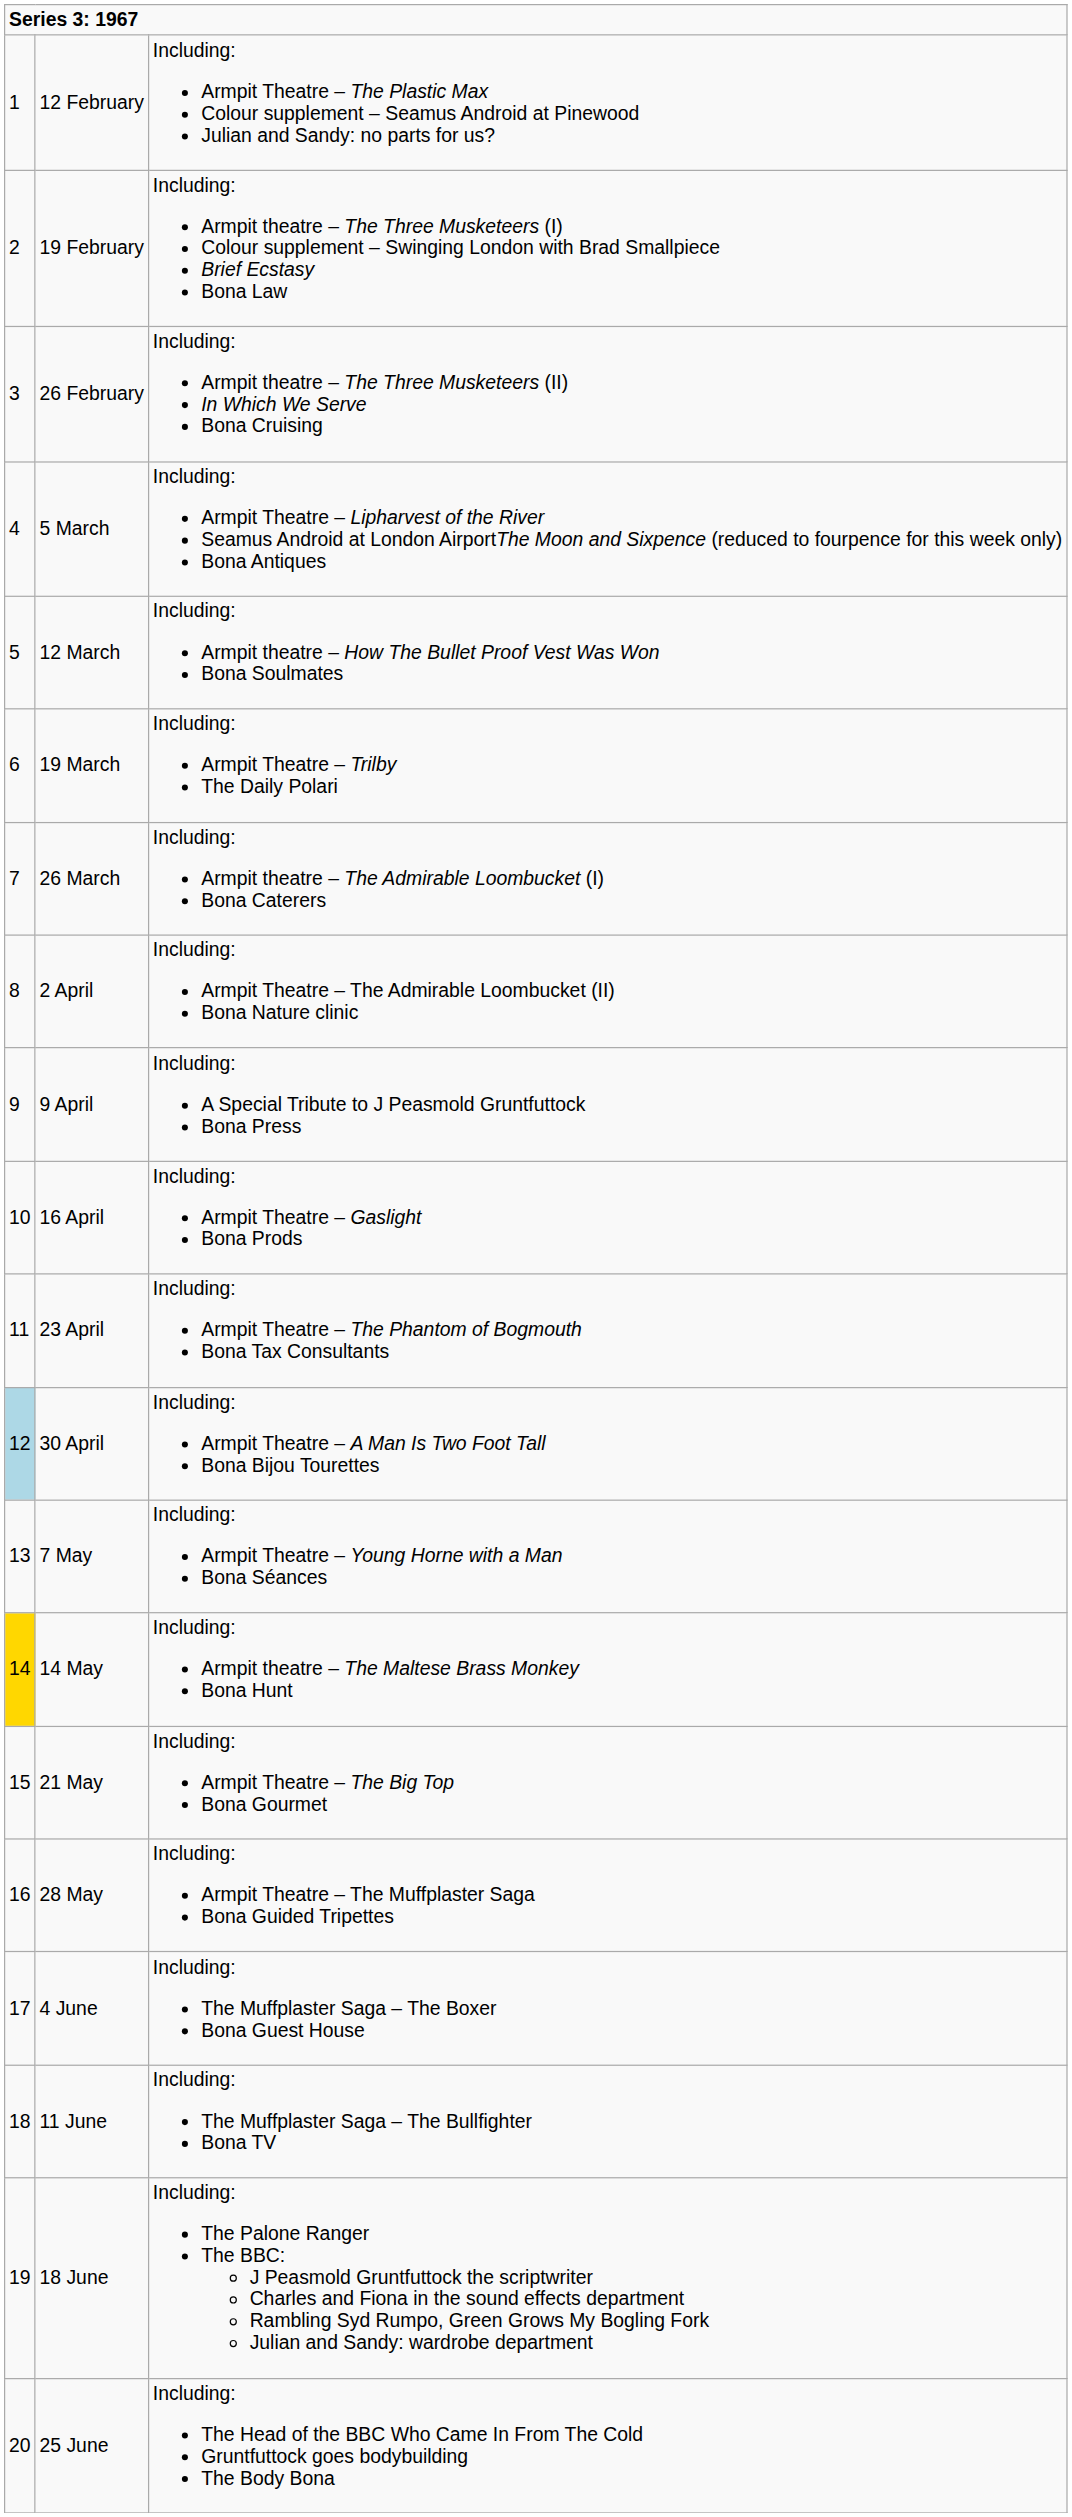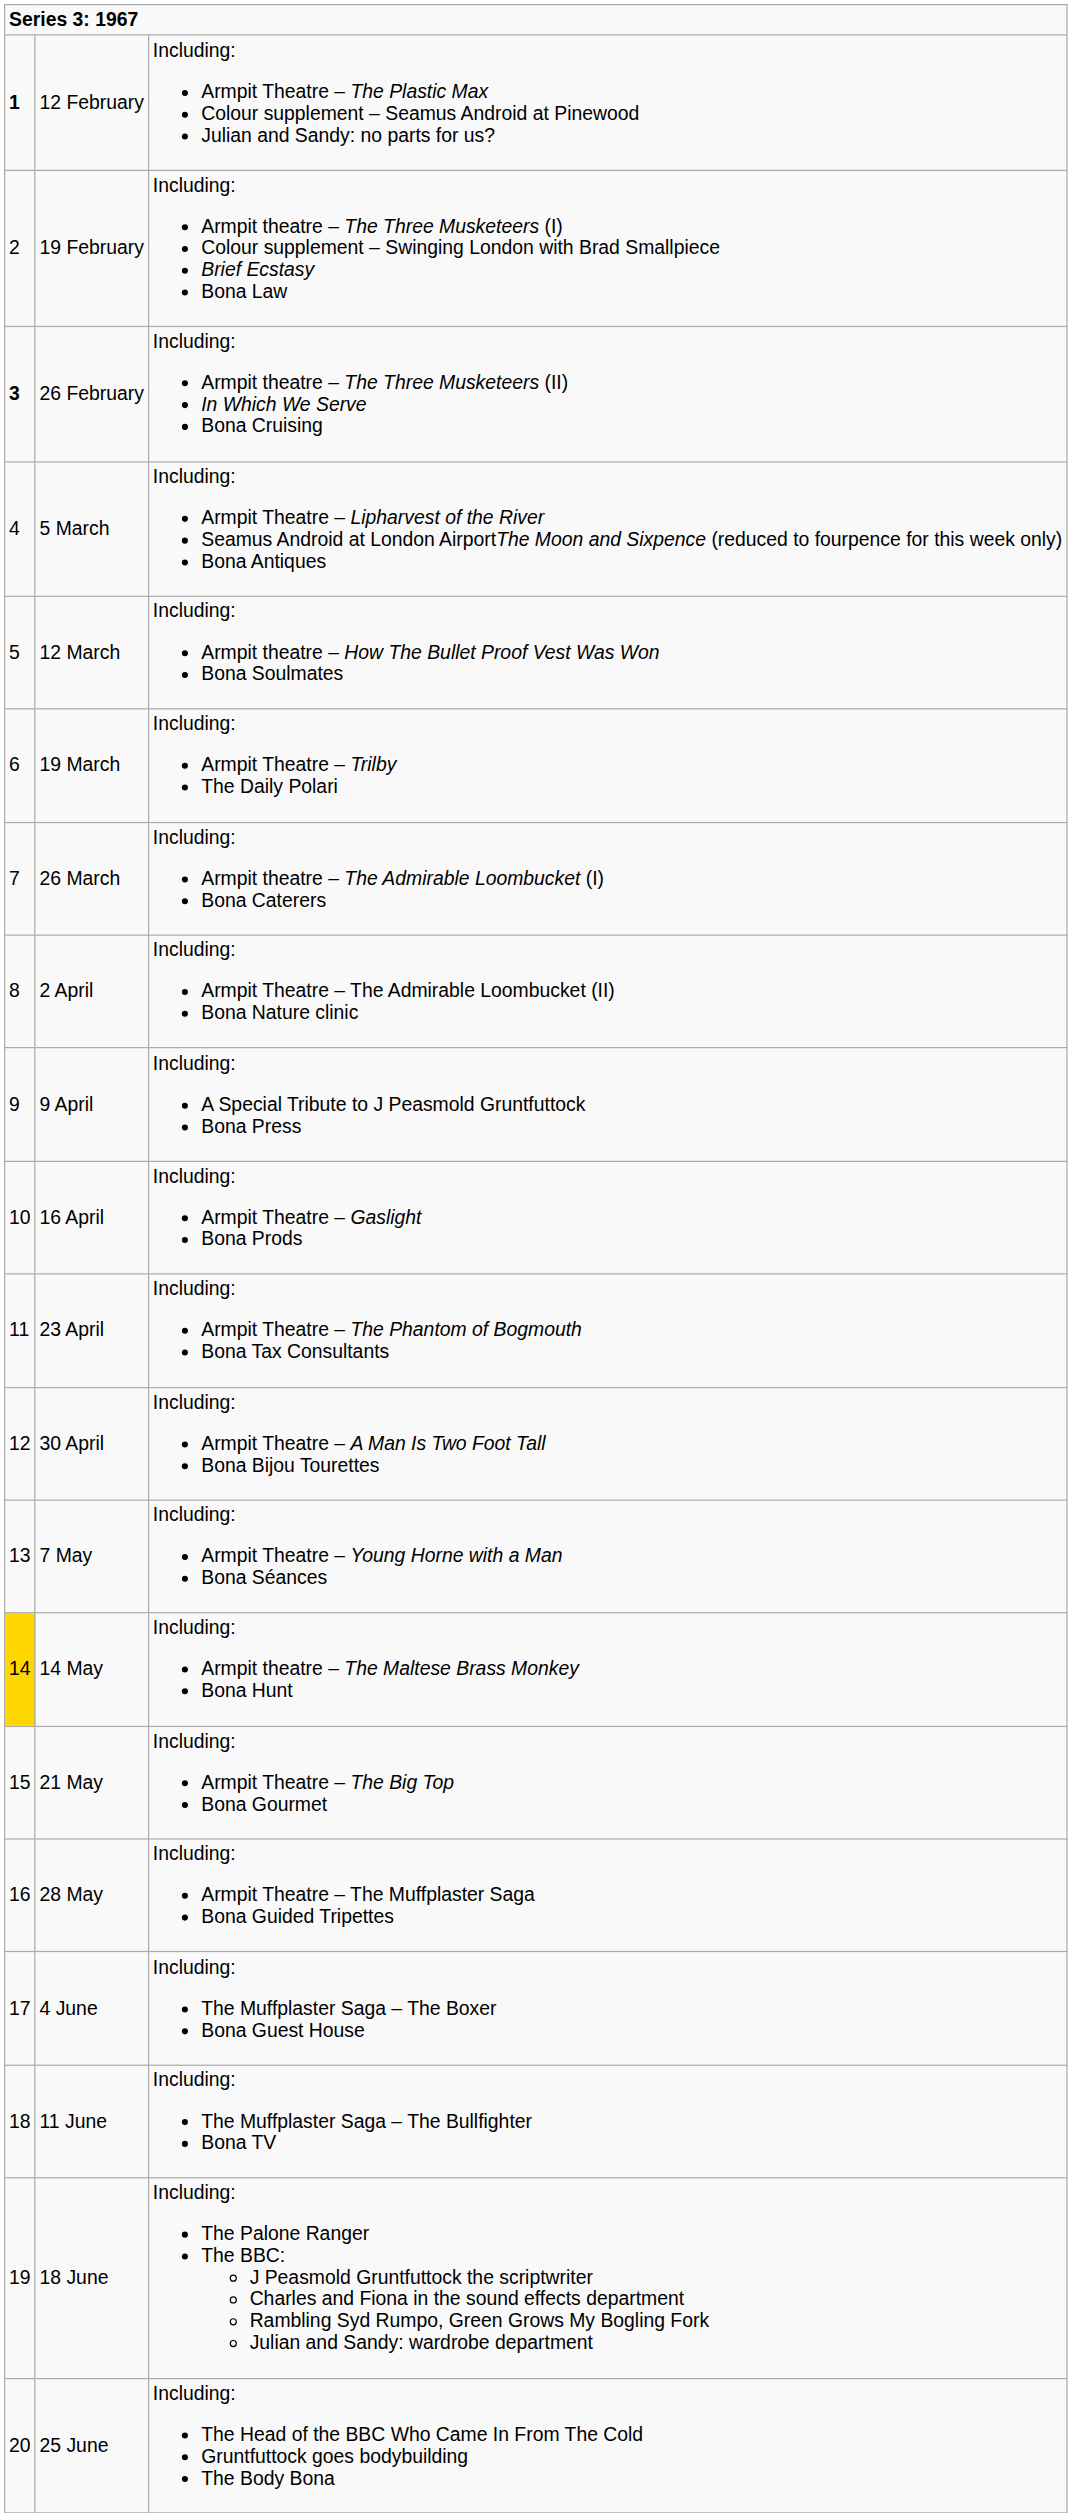 <table class="wikitable sortable plainrowheaders" style="text-align: left; margin-right: 0;">
 <tr>
 <td colspan="3"><strong>Series 3: 1967</strong></td>
 </tr>
 <tr>
-<td>1</td>
+<td><strong>1</strong></td>
 <td>12 February</td>
 <td>Including:<br><ul><li>Armpit Theatre – <em>The Plastic Max</em></li><li>Colour supplement – Seamus Android at Pinewood</li><li>Julian and Sandy: no parts for us?</li></ul></td>
 </tr>
 <tr>
 <td>2</td>
 <td>19 February</td>
 <td>Including:<br><ul><li>Armpit theatre – <em>The Three Musketeers</em> (I)</li><li>Colour supplement – Swinging London with Brad Smallpiece</li><li><em>Brief Ecstasy</em></li><li>Bona Law</li></ul></td>
 </tr>
 <tr>
-<td>3</td>
+<td><strong>3</strong></td>
 <td>26 February</td>
 <td>Including:<br><ul><li>Armpit theatre – <em>The Three Musketeers</em> (II)</li><li><em>In Which We Serve</em></li><li>Bona Cruising</li></ul></td>
 </tr>
 <tr>
 <td>4</td>
 <td>5 March</td>
 <td>Including:<br><ul><li>Armpit Theatre – <em>Lipharvest of the River</em></li><li>Seamus Android at London Airport<em>The Moon and Sixpence</em> (reduced to fourpence for this week only)</li><li>Bona Antiques</li></ul></td>
 </tr>
 <tr>
 <td>5</td>
 <td>12 March</td>
 <td>Including:<br><ul><li>Armpit theatre – <em>How The Bullet Proof Vest Was Won</em></li><li>Bona Soulmates</li></ul></td>
 </tr>
 <tr>
 <td>6</td>
 <td>19 March</td>
 <td>Including:<br><ul><li>Armpit Theatre – <em>Trilby</em></li><li>The Daily Polari</li></ul></td>
 </tr>
 <tr>
 <td>7</td>
 <td>26 March</td>
 <td>Including:<br><ul><li>Armpit theatre – <em>The Admirable Loombucket</em> (I)</li><li>Bona Caterers</li></ul></td>
 </tr>
 <tr>
 <td>8</td>
 <td>2 April</td>
 <td>Including:<br><ul><li>Armpit Theatre – The Admirable Loombucket (II)</li><li>Bona Nature clinic</li></ul></td>
 </tr>
 <tr>
 <td>9</td>
 <td>9 April</td>
 <td>Including:<br><ul><li>A Special Tribute to J Peasmold Gruntfuttock</li><li>Bona Press</li></ul></td>
 </tr>
 <tr>
 <td>10</td>
 <td>16 April</td>
 <td>Including:<br><ul><li>Armpit Theatre – <em>Gaslight</em></li><li>Bona Prods</li></ul></td>
 </tr>
 <tr>
 <td>11</td>
 <td>23 April</td>
 <td>Including:<br><ul><li>Armpit Theatre – <em>The Phantom of Bogmouth</em></li><li>Bona Tax Consultants</li></ul></td>
 </tr>
 <tr>
-<td style="background: lightblue;">12</td>
+<td>12</td>
 <td>30 April</td>
 <td>Including:<br><ul><li>Armpit Theatre – <em>A Man Is Two Foot Tall</em></li><li>Bona Bijou Tourettes</li></ul></td>
 </tr>
 <tr>
 <td>13</td>
 <td>7 May</td>
 <td>Including:<br><ul><li>Armpit Theatre – <em>Young Horne with a Man</em></li><li>Bona Séances</li></ul></td>
 </tr>
 <tr>
 <td style="background: gold;">14</td>
 <td>14 May</td>
 <td>Including:<br><ul><li>Armpit theatre – <em>The Maltese Brass Monkey</em></li><li>Bona Hunt</li></ul></td>
 </tr>
 <tr>
 <td>15</td>
 <td>21 May</td>
 <td>Including:<br><ul><li>Armpit Theatre – <em>The Big Top</em></li><li>Bona Gourmet</li></ul></td>
 </tr>
 <tr>
 <td>16</td>
 <td>28 May</td>
 <td>Including:<br><ul><li>Armpit Theatre – The Muffplaster Saga</li><li>Bona Guided Tripettes</li></ul></td>
 </tr>
 <tr>
 <td>17</td>
 <td>4 June</td>
 <td>Including:<br><ul><li>The Muffplaster Saga – The Boxer</li><li>Bona Guest House</li></ul></td>
 </tr>
 <tr>
 <td>18</td>
 <td>11 June</td>
 <td>Including:<br><ul><li>The Muffplaster Saga – The Bullfighter</li><li>Bona TV</li></ul></td>
 </tr>
 <tr>
 <td>19</td>
 <td>18 June</td>
 <td>Including:<br><ul><li>The Palone Ranger</li><li>The BBC:<ul><li>J Peasmold Gruntfuttock the scriptwriter</li><li>Charles and Fiona in the sound effects department</li><li>Rambling Syd Rumpo, Green Grows My Bogling Fork</li><li>Julian and Sandy: wardrobe department</li></ul></li></ul></td>
 </tr>
 <tr>
 <td>20</td>
 <td>25 June</td>
 <td>Including:<br><ul><li>The Head of the BBC Who Came In From The Cold</li><li>Gruntfuttock goes bodybuilding</li><li>The Body Bona</li></ul></td>
 </tr>
 </table>
